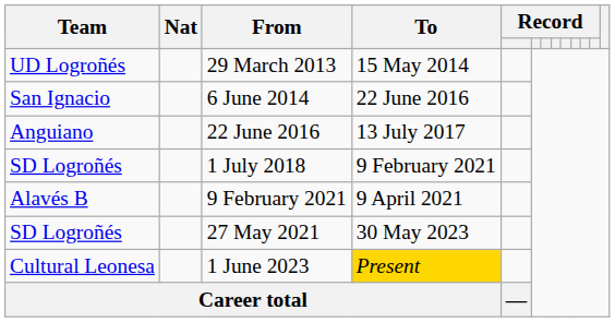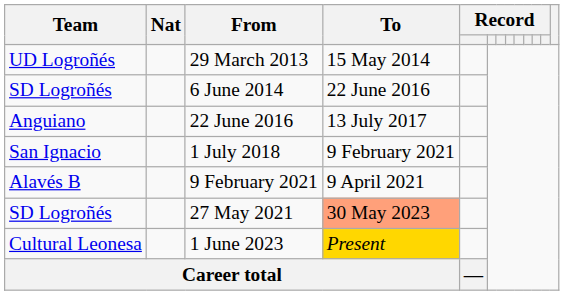 <table class="wikitable" style="text-align: center">
 <tr>
 <th rowspan="2">Team</th>
 <th rowspan="2">Nat</th>
 <th rowspan="2">From</th>
 <th rowspan="2">To</th>
 <th colspan="8">Record</th>
 <th rowspan=2></th>
 </tr>
 <tr>
 <th></th>
 <th></th>
 <th></th>
 <th></th>
 <th></th>
 <th></th>
 <th></th>
 <th></th>
 </tr>
 <tr>
 <td align="left"><a href='#'>UD Logroñés</a></td>
 <td></td>
 <td align=left>29 March 2013</td>
 <td align=left>15 May 2014<br></td>
 <td></td>
 </tr>
 <tr>
-<td align="left"><a href='#'>San Ignacio</a></td>
+<td align="left"><a href='#'>SD Logroñés</a></td>
 <td></td>
 <td align=left>6 June 2014</td>
 <td align=left>22 June 2016<br></td>
 <td></td>
 </tr>
 <tr>
 <td align="left"><a href='#'>Anguiano</a></td>
 <td></td>
 <td align=left>22 June 2016</td>
 <td align=left>13 July 2017<br></td>
 <td></td>
 </tr>
 <tr>
-<td align="left"><a href='#'>SD Logroñés</a></td>
+<td align="left"><a href='#'>San Ignacio</a></td>
 <td></td>
 <td align=left>1 July 2018</td>
 <td align=left>9 February 2021<br></td>
 <td></td>
 </tr>
 <tr>
 <td align="left"><a href='#'>Alavés B</a></td>
 <td></td>
 <td align=left>9 February 2021</td>
 <td align=left>9 April 2021<br></td>
 <td></td>
 </tr>
 <tr>
 <td align="left"><a href='#'>SD Logroñés</a></td>
 <td></td>
 <td align=left>27 May 2021</td>
-<td align=left>30 May 2023<br></td>
+<td align=left style="background: lightsalmon;">30 May 2023<br></td>
 <td></td>
 </tr>
 <tr>
 <td align="left"><a href='#'>Cultural Leonesa</a></td>
 <td></td>
 <td align=left>1 June 2023</td>
 <td align=left style="background: gold;"><em>Present</em><br></td>
 <td></td>
 </tr>
 <tr>
 <th colspan="4">Career total<br></th>
 <th>—</th>
 </tr>
 </table>
